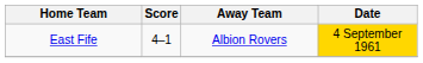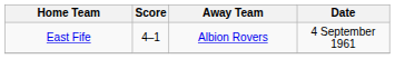 <table class="wikitable" style="text-align:center;">
 <tr>
 <th width=175>Home Team</th>
 <th width=20>Score</th>
 <th width=175>Away Team</th>
 <th width= 125>Date</th>
 </tr>
 <tr>
 <td><a href='#'>East Fife</a></td>
 <td>4–1</td>
 <td><a href='#'>Albion Rovers</a></td>
-<td style="background: gold;">4 September 1961</td>
+<td>4 September 1961</td>
 </tr>
 <tr>
 </tr>
 </table>
